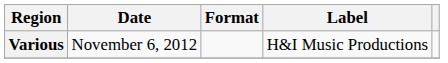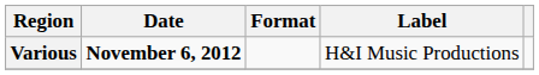 <table class="wikitable plainrowheaders">
 <tr>
 <th scope="col">Region</th>
 <th scope="col">Date</th>
 <th scope="col">Format</th>
 <th scope="col">Label</th>
 <th scope="col"></th>
 </tr>
 <tr>
 <th scope="row">Various</th>
-<td>November 6, 2012</td>
+<td><strong>November 6, 2012</strong></td>
 <td></td>
 <td>H&I Music Productions</td>
 <td style="text-align:center;"></td>
 </tr>
 <tr>
 </tr>
 </table>
